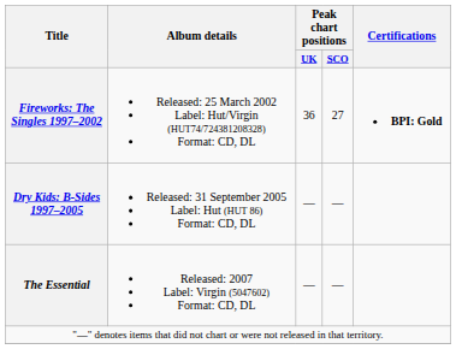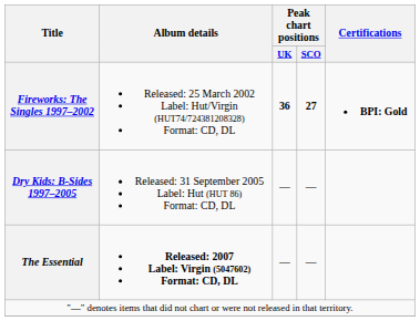 <table class="wikitable plainrowheaders" style="text-align:center;">
 <tr>
 <th scope="col" rowspan="2" style="width:16em;">Title</th>
 <th scope="col" rowspan="2" style="width:25em;">Album details</th>
 <th scope="col" colspan="2">Peak chart<br>positions</th>
 <th rowspan="2" style="width:12em;"><a href='#'>Certifications</a></th>
 </tr>
 <tr>
 <th style="width:3em;font-size:90%;"><a href='#'>UK</a><br></th>
 <th style="width:3em;font-size:90%;"><a href='#'>SCO</a><br></th>
 </tr>
 <tr>
 <th scope="row"><em><a href='#'>Fireworks: The Singles 1997–2002</a></em></th>
 <td><br><ul><li>Released: 25 March 2002</li><li>Label: Hut/Virgin <small>(HUT74/724381208328)</small></li><li>Format: CD, DL</li></ul></td>
-<td>36</td>
-<td>27</td>
+<td><strong>36</strong></td>
+<td><strong>27</strong></td>
 <td><strong><br><ul><li>BPI: Gold</li></ul></strong></td>
 </tr>
 <tr>
 <th scope="row"><em><a href='#'>Dry Kids: B-Sides 1997–2005</a></em></th>
 <td><br><ul><li>Released: 31 September 2005</li><li>Label: Hut <small>(HUT 86)</small></li><li>Format: CD, DL</li></ul></td>
 <td>—</td>
 <td>—</td>
 <td></td>
 </tr>
 <tr>
 <th scope="row"><em>The Essential</em></th>
-<td><br><ul><li>Released: 2007</li><li>Label: Virgin <small>(5047602)</small></li><li>Format: CD, DL</li></ul></td>
+<td><strong><br><ul><li>Released: 2007</li><li>Label: Virgin <small>(5047602)</small></li><li>Format: CD, DL</li></ul></strong></td>
 <td>—</td>
 <td>—</td>
 <td></td>
 </tr>
 <tr>
 <td align="center" colspan="15" style="font-size:90%">"—" denotes items that did not chart or were not released in that territory.</td>
 </tr>
 <tr>
 </tr>
 </table>
